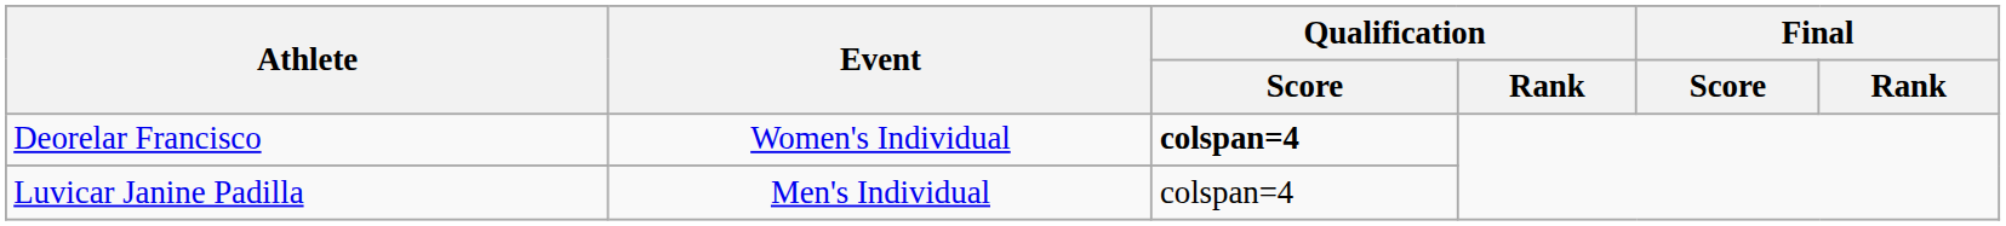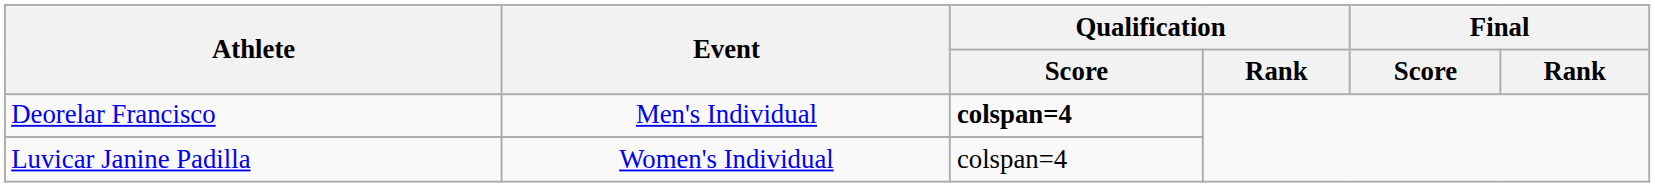 <table class="wikitable" width="70%" style="text-align:left; font-size:90%">
 <tr>
 <th rowspan=2>Athlete</th>
 <th rowspan=2>Event</th>
 <th colspan=2>Qualification</th>
 <th colspan=2>Final</th>
 </tr>
 <tr>
 <th>Score</th>
 <th>Rank</th>
 <th>Score</th>
 <th>Rank</th>
 </tr>
 <tr>
 <td><a href='#'>Deorelar Francisco</a></td>
-<td align=center><a href='#'>Women's Individual</a></td>
+<td align=center><a href='#'>Men's Individual</a></td>
 <td><strong>colspan=4</strong></td>
 </tr>
 <tr>
 <td><a href='#'>Luvicar Janine Padilla</a></td>
-<td align=center><a href='#'>Men's Individual</a></td>
+<td align=center><a href='#'>Women's Individual</a></td>
 <td>colspan=4</td>
 </tr>
 </table>
